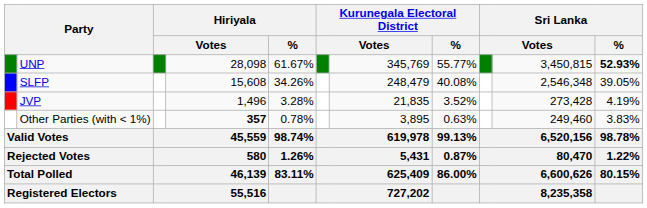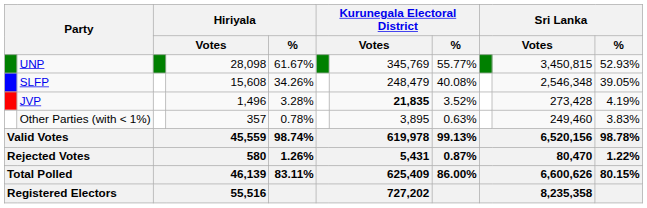 <table class="wikitable">
 <tr>
 <th colspan="2" width="144px"rowspan="2">Party</th>
 <th colspan="3" width="216px">Hiriyala</th>
 <th colspan="3" width="216px"><a href='#'>Kurunegala Electoral District</a></th>
 <th colspan="3" width="216px">Sri Lanka</th>
 </tr>
 <tr>
 <th colspan="2" width="144px">Votes</th>
 <th>%</th>
 <th colspan="2" width="144px">Votes</th>
 <th>%</th>
 <th colspan="2" width="144px">Votes</th>
 <th>%</th>
 </tr>
 <tr>
 <td style="background-color:green;" width="10px"></td>
 <td style="text-align:left;"><a href='#'>UNP</a></td>
 <td style="background-color:green;" width="10px"></td>
 <td style="text-align:right;">28,098</td>
 <td style="text-align:right;">61.67%</td>
 <td style="background-color:green;" width="10px"></td>
 <td style="text-align:right;">345,769</td>
 <td style="text-align:right;">55.77%</td>
 <td style="background-color:green;" width="10px"></td>
 <td style="text-align:right;">3,450,815</td>
-<td style="text-align:right;"><strong>52.93%</strong></td>
+<td style="text-align:right;">52.93%</td>
 </tr>
 <tr>
 <td style="background-color:blue;" width="10px"></td>
 <td style="text-align:left;"><a href='#'>SLFP</a></td>
 <td style="background-color:white;" width="10px"></td>
 <td style="text-align:right;">15,608</td>
 <td style="text-align:right;">34.26%</td>
 <td style="background-color:white;" width="10px"></td>
 <td style="text-align:right;">248,479</td>
 <td style="text-align:right;">40.08%</td>
 <td style="background-color:white;" width="10px"></td>
 <td style="text-align:right;">2,546,348</td>
 <td style="text-align:right;">39.05%</td>
 </tr>
 <tr>
 <td style="background-color:red;" width="10px"></td>
 <td style="text-align:left;"><a href='#'>JVP</a></td>
 <td style="background-color:white;" width="10px"></td>
 <td style="text-align:right;">1,496</td>
 <td style="text-align:right;">3.28%</td>
 <td style="background-color:white;" width="10px"></td>
-<td style="text-align:right;">21,835</td>
+<td style="text-align:right;"><strong>21,835</strong></td>
 <td style="text-align:right;">3.52%</td>
 <td style="background-color:white;" width="10px"></td>
 <td style="text-align:right;">273,428</td>
 <td style="text-align:right;">4.19%</td>
 </tr>
 <tr>
 <td style="background-color:white;" width="10px"></td>
 <td style="text-align:left;">Other Parties (with < 1%)</td>
 <td style="background-color:white;" width="10px"></td>
-<td style="text-align:right;"><strong>357</strong></td>
+<td style="text-align:right;">357</td>
 <td style="text-align:right;">0.78%</td>
 <td style="background-color:white;" width="10px"></td>
 <td style="text-align:right;">3,895</td>
 <td style="text-align:right;">0.63%</td>
 <td style="background-color:white;" width="10px"></td>
 <td style="text-align:right;">249,460</td>
 <td style="text-align:right;">3.83%</td>
 </tr>
 <tr>
 <th colspan="2" width="144px"style="text-align:left;">Valid Votes</th>
 <th style="text-align:right;"colspan="2" width="144px">45,559</th>
 <th style="text-align:right;">98.74%</th>
 <th style="text-align:right;"colspan="2" width="144px">619,978</th>
 <th style="text-align:right;">99.13%</th>
 <th style="text-align:right;"colspan="2" width="144px">6,520,156</th>
 <th style="text-align:right;">98.78%</th>
 </tr>
 <tr>
 <th colspan="2" width="144px"style="text-align:left;">Rejected Votes</th>
 <th style="text-align:right;"colspan="2" width="144px">580</th>
 <th style="text-align:right;">1.26%</th>
 <th style="text-align:right;"colspan="2" width="144px">5,431</th>
 <th style="text-align:right;">0.87%</th>
 <th style="text-align:right;"colspan="2" width="144px">80,470</th>
 <th style="text-align:right;">1.22%</th>
 </tr>
 <tr>
 <th colspan="2" width="144px"style="text-align:left;">Total Polled</th>
 <th style="text-align:right;"colspan="2" width="144px">46,139</th>
 <th style="text-align:right;">83.11%</th>
 <th style="text-align:right;"colspan="2" width="144px">625,409</th>
 <th style="text-align:right;">86.00%</th>
 <th style="text-align:right;"colspan="2" width="144px">6,600,626</th>
 <th style="text-align:right;">80.15%</th>
 </tr>
 <tr>
 <th colspan="2" width="144px"style="text-align:left;">Registered Electors</th>
 <th style="text-align:right;"colspan="2" width="144px">55,516</th>
 <th></th>
 <th style="text-align:right;"colspan="2" width="144px">727,202</th>
 <th></th>
 <th style="text-align:right;"colspan="2" width="144px">8,235,358</th>
 <th></th>
 </tr>
 </table>
